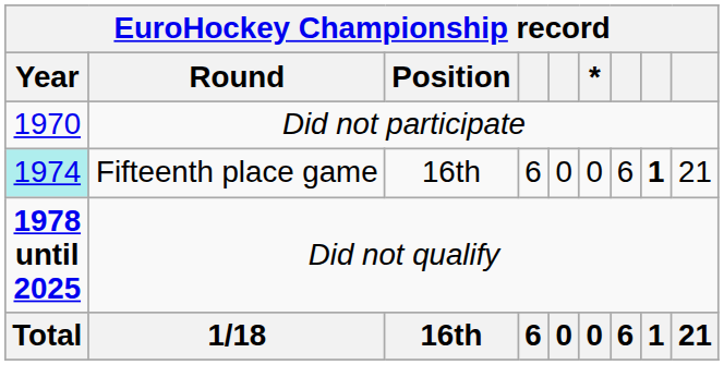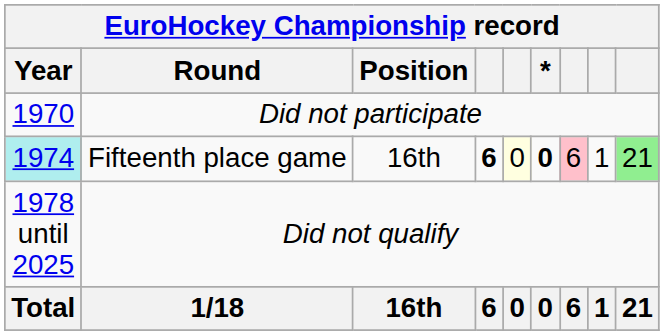 <table class="wikitable" style="text-align: center;">
 <tr>
 <th colspan=9><a href='#'>EuroHockey Championship</a> record</th>
 </tr>
 <tr>
 <th>Year</th>
 <th>Round</th>
 <th>Position</th>
 <th></th>
 <th></th>
 <th> *</th>
 <th></th>
 <th></th>
 <th></th>
 </tr>
 <tr>
 <td> <a href='#'>1970</a></td>
 <td colspan=8><em>Did not participate</em></td>
 </tr>
 <tr>
 <td style="background: paleturquoise;"> <a href='#'>1974</a></td>
 <td>Fifteenth place game</td>
 <td>16th</td>
-<td>6</td>
-<td>0</td>
-<td>0</td>
-<td>6</td>
-<td><strong>1</strong></td>
-<td>21</td>
+<td><strong>6</strong></td>
+<td style="background: lightyellow;">0</td>
+<td><strong>0</strong></td>
+<td style="background: pink;">6</td>
+<td>1</td>
+<td style="background: lightgreen;">21</td>
 </tr>
 <tr>
-<td><strong> <a href='#'>1978</a><br>until<br> <a href='#'>2025</a></strong></td>
+<td> <a href='#'>1978</a><br>until<br> <a href='#'>2025</a></td>
 <td colspan=8><em>Did not qualify</em></td>
 </tr>
 <tr>
 <th>Total</th>
 <th>1/18</th>
 <th>16th</th>
 <th>6</th>
 <th>0</th>
 <th>0</th>
 <th>6</th>
 <th>1</th>
 <th>21</th>
 </tr>
 </table>
